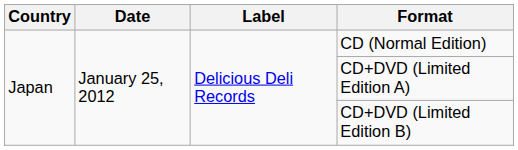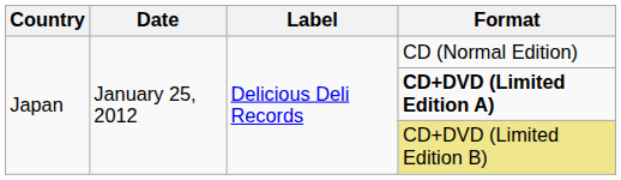 <table class="wikitable" style="width:500px">
 <tr>
 <th>Country</th>
 <th>Date</th>
 <th>Label</th>
 <th>Format</th>
 </tr>
 <tr>
 <td rowspan=3>Japan</td>
 <td rowspan=3>January 25, 2012</td>
 <td rowspan=3><a href='#'>Delicious Deli Records</a></td>
 <td>CD (Normal Edition)</td>
 </tr>
 <tr>
-<td>CD+DVD (Limited Edition A)</td>
+<td><strong>CD+DVD (Limited Edition A)</strong></td>
 </tr>
 <tr>
-<td>CD+DVD (Limited Edition B)</td>
+<td style="background: khaki;">CD+DVD (Limited Edition B)</td>
 </tr>
 </table>
